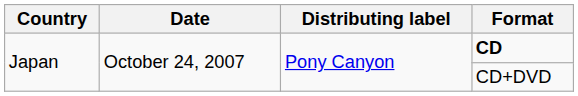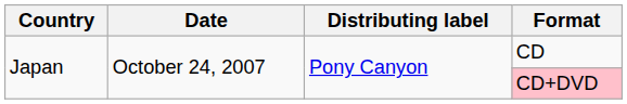 <table class="wikitable" style="width:500px">
 <tr>
 <th>Country</th>
 <th>Date</th>
 <th>Distributing label</th>
 <th>Format</th>
 </tr>
 <tr>
 <td rowspan=2>Japan</td>
 <td rowspan=2>October 24, 2007</td>
 <td rowspan=2><a href='#'>Pony Canyon</a></td>
-<td><strong>CD</strong></td>
+<td>CD</td>
 </tr>
 <tr>
-<td>CD+DVD</td>
+<td style="background: pink;">CD+DVD</td>
 </tr>
 </table>
